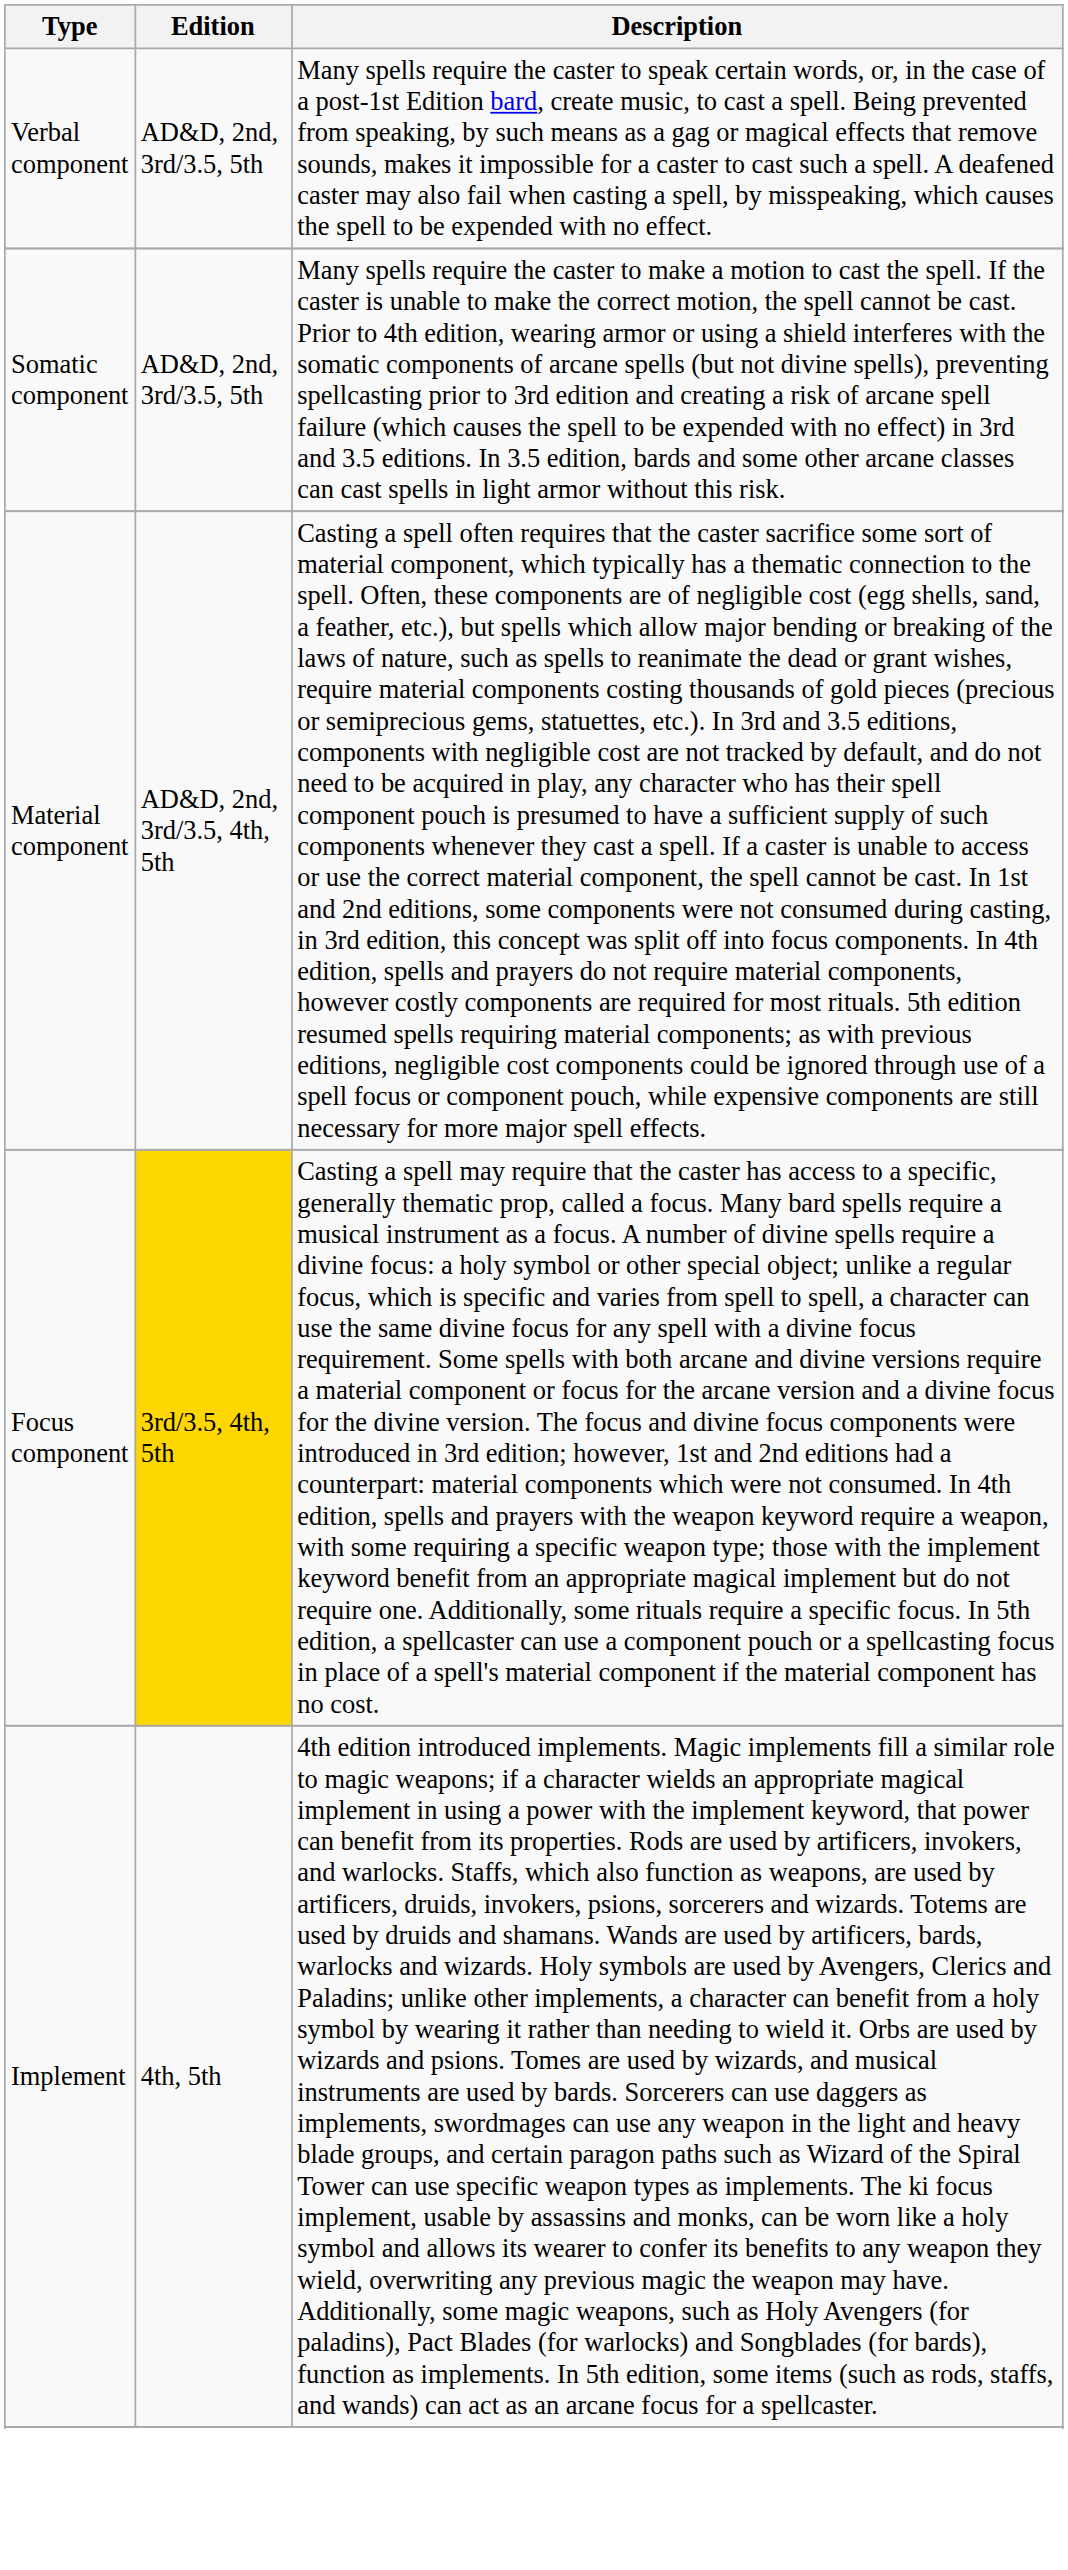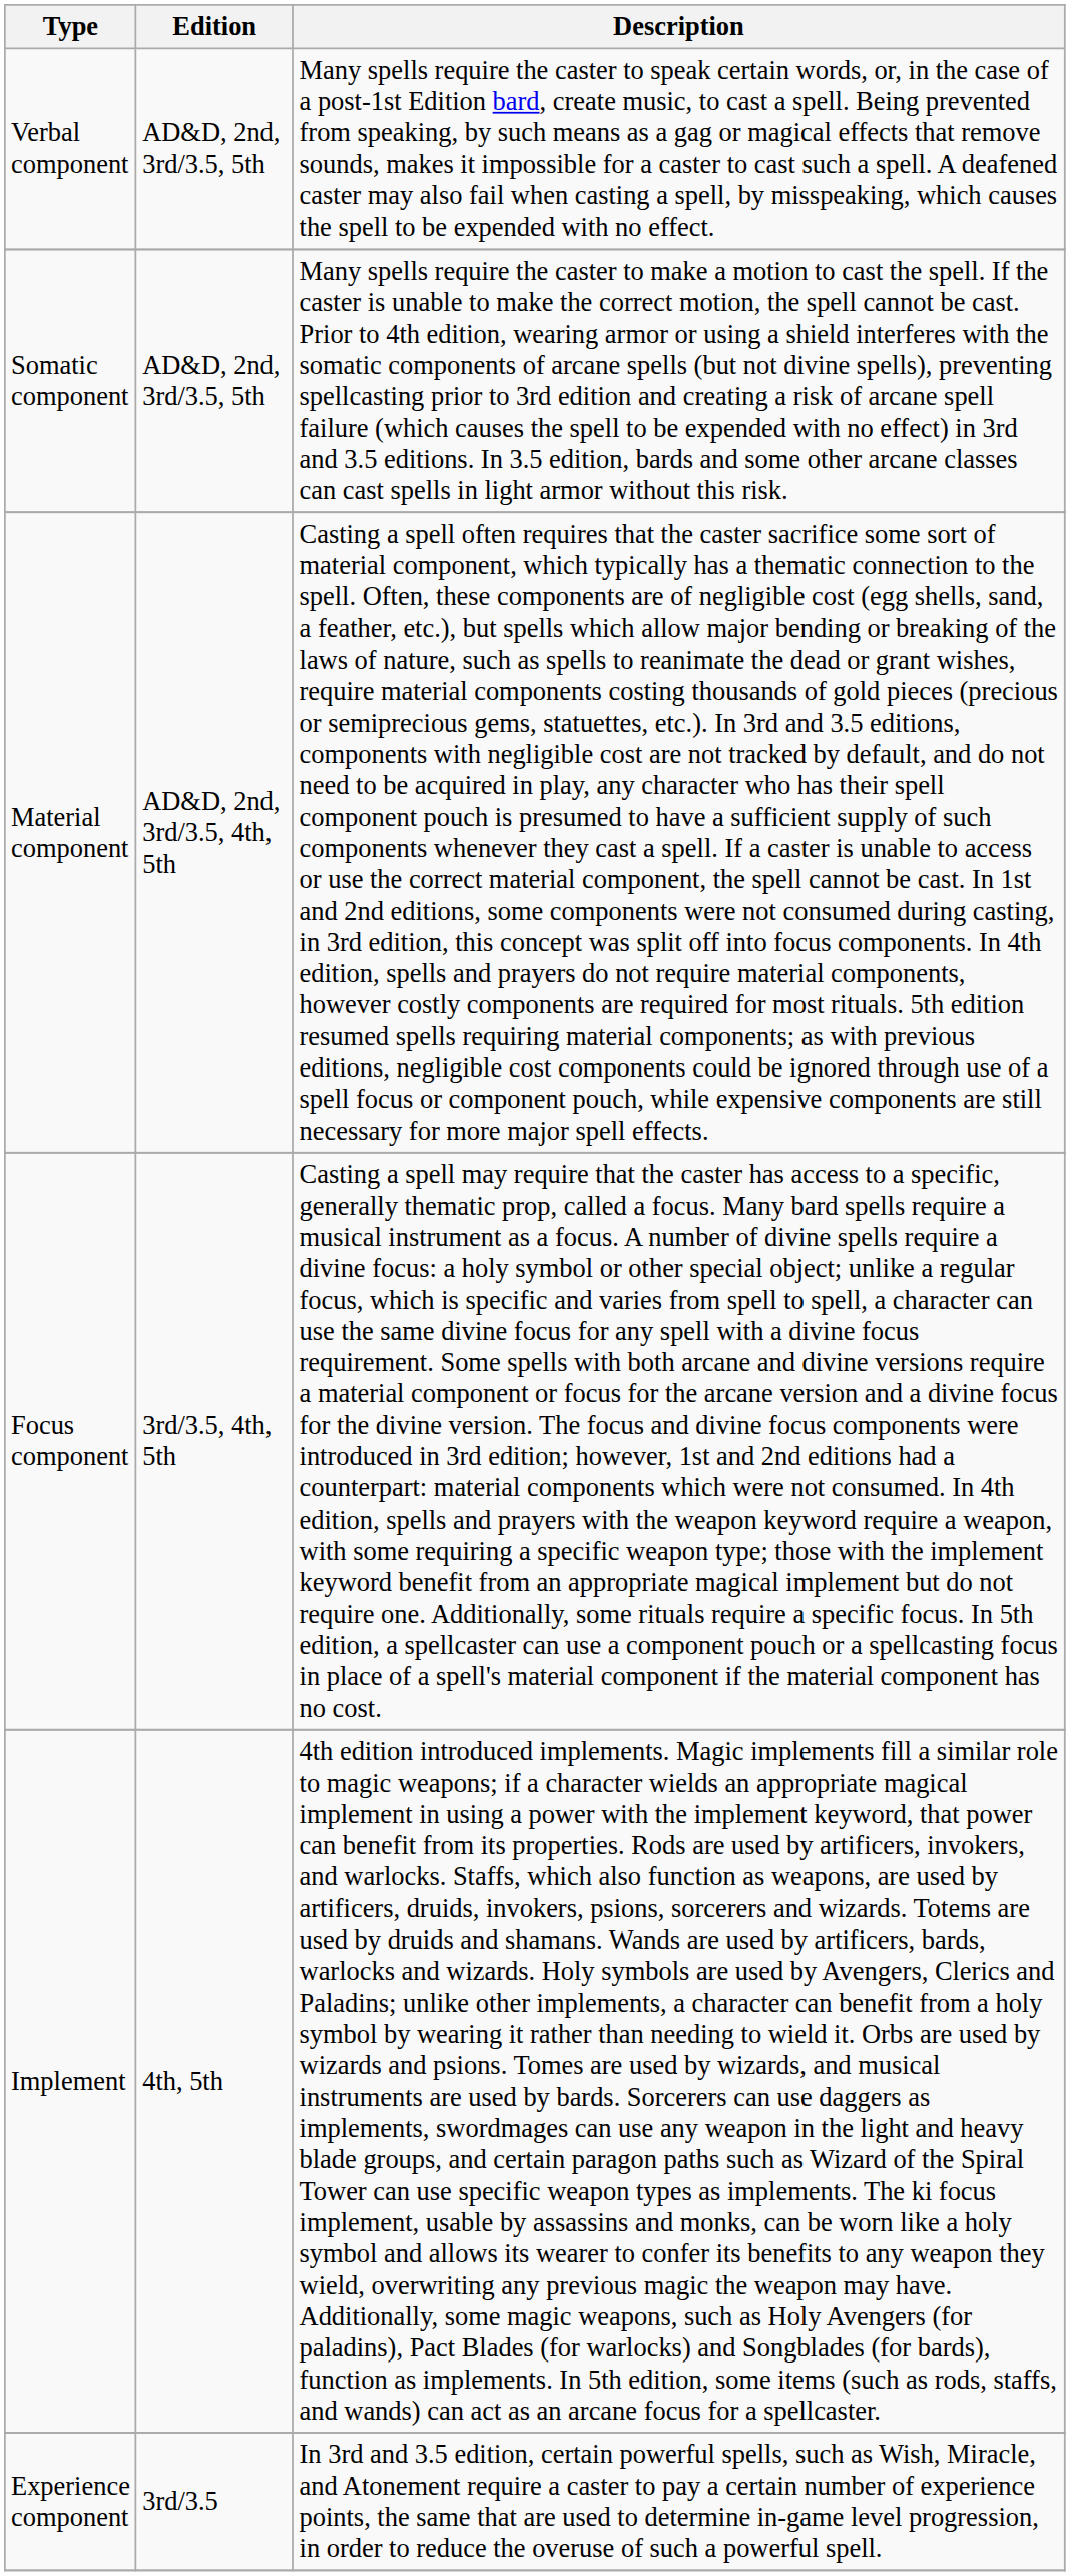 <table class="wikitable sortable" style="margins:auto; width=95%; font-size: 95%;">
 <tr>
 <th width="10%">Type</th>
 <th width="15%">Edition</th>
 <th width="75%">Description</th>
 </tr>
 <tr>
 <td>Verbal component</td>
 <td>AD&D, 2nd, 3rd/3.5, 5th</td>
 <td>Many spells require the caster to speak certain words, or, in the case of a post-1st Edition <a href='#'>bard</a>, create music, to cast a spell. Being prevented from speaking, by such means as a gag or magical effects that remove sounds, makes it impossible for a caster to cast such a spell. A deafened caster may also fail when casting a spell, by misspeaking, which causes the spell to be expended with no effect.</td>
 </tr>
 <tr>
 </tr>
 <tr>
 <td>Somatic component</td>
 <td>AD&D, 2nd, 3rd/3.5, 5th</td>
 <td>Many spells require the caster to make a motion to cast the spell. If the caster is unable to make the correct motion, the spell cannot be cast. Prior to 4th edition, wearing armor or using a shield interferes with the somatic components of arcane spells (but not divine spells), preventing spellcasting prior to 3rd edition and creating a risk of arcane spell failure (which causes the spell to be expended with no effect) in 3rd and 3.5 editions. In 3.5 edition, bards and some other arcane classes can cast spells in light armor without this risk.</td>
 </tr>
 <tr>
 </tr>
 <tr>
 <td>Material component</td>
 <td>AD&D, 2nd, 3rd/3.5, 4th, 5th</td>
 <td>Casting a spell often requires that the caster sacrifice some sort of material component, which typically has a thematic connection to the spell. Often, these components are of negligible cost (egg shells, sand, a feather, etc.), but spells which allow major bending or breaking of the laws of nature, such as spells to reanimate the dead or grant wishes, require material components costing thousands of gold pieces (precious or semiprecious gems, statuettes, etc.). In 3rd and 3.5 editions, components with negligible cost are not tracked by default, and do not need to be acquired in play, any character who has their spell component pouch is presumed to have a sufficient supply of such components whenever they cast a spell. If a caster is unable to access or use the correct material component, the spell cannot be cast. In 1st and 2nd editions, some components were not consumed during casting, in 3rd edition, this concept was split off into focus components. In 4th edition, spells and prayers do not require material components, however costly components are required for most rituals. 5th edition resumed spells requiring material components; as with previous editions, negligible cost components could be ignored through use of a spell focus or component pouch, while expensive components are still necessary for more major spell effects.</td>
 </tr>
 <tr>
 </tr>
 <tr>
 <td>Focus component</td>
-<td style="background: gold;">3rd/3.5, 4th, 5th</td>
+<td>3rd/3.5, 4th, 5th</td>
 <td>Casting a spell may require that the caster has access to a specific, generally thematic prop, called a focus. Many bard spells require a musical instrument as a focus. A number of divine spells require a divine focus: a holy symbol or other special object; unlike a regular focus, which is specific and varies from spell to spell, a character can use the same divine focus for any spell with a divine focus requirement. Some spells with both arcane and divine versions require a material component or focus for the arcane version and a divine focus for the divine version. The focus and divine focus components were introduced in 3rd edition; however, 1st and 2nd editions had a counterpart: material components which were not consumed. In 4th edition, spells and prayers with the weapon keyword require a weapon, with some requiring a specific weapon type; those with the implement keyword benefit from an appropriate magical implement but do not require one. Additionally, some rituals require a specific focus. In 5th edition, a spellcaster can use a component pouch or a spellcasting focus in place of a spell's material component if the material component has no cost.</td>
 </tr>
 <tr>
 </tr>
 <tr>
 <td>Implement</td>
 <td>4th, 5th</td>
 <td>4th edition introduced implements. Magic implements fill a similar role to magic weapons; if a character wields an appropriate magical implement in using a power with the implement keyword, that power can benefit from its properties. Rods are used by artificers, invokers, and warlocks. Staffs, which also function as weapons, are used by artificers, druids, invokers, psions, sorcerers and wizards. Totems are used by druids and shamans. Wands are used by artificers, bards, warlocks and wizards. Holy symbols are used by Avengers, Clerics and Paladins; unlike other implements, a character can benefit from a holy symbol by wearing it rather than needing to wield it. Orbs are used by wizards and psions. Tomes are used by wizards, and musical instruments are used by bards. Sorcerers can use daggers as implements, swordmages can use any weapon in the light and heavy blade groups, and certain paragon paths such as Wizard of the Spiral Tower can use specific weapon types as implements. The ki focus implement, usable by assassins and monks, can be worn like a holy symbol and allows its wearer to confer its benefits to any weapon they wield, overwriting any previous magic the weapon may have. Additionally, some magic weapons, such as Holy Avengers (for paladins), Pact Blades (for warlocks) and Songblades (for bards), function as implements. In 5th edition, some items (such as rods, staffs, and wands) can act as an arcane focus for a spellcaster.</td>
 </tr>
 <tr>
 </tr>
 <tr>
+<td>Experience component</td>
+<td>3rd/3.5</td>
+<td>In 3rd and 3.5 edition, certain powerful spells, such as Wish, Miracle, and Atonement require a caster to pay a certain number of experience points, the same that are used to determine in-game level progression, in order to reduce the overuse of such a powerful spell.</td>
+</tr>
+<tr>
 </tr>
 </table>
